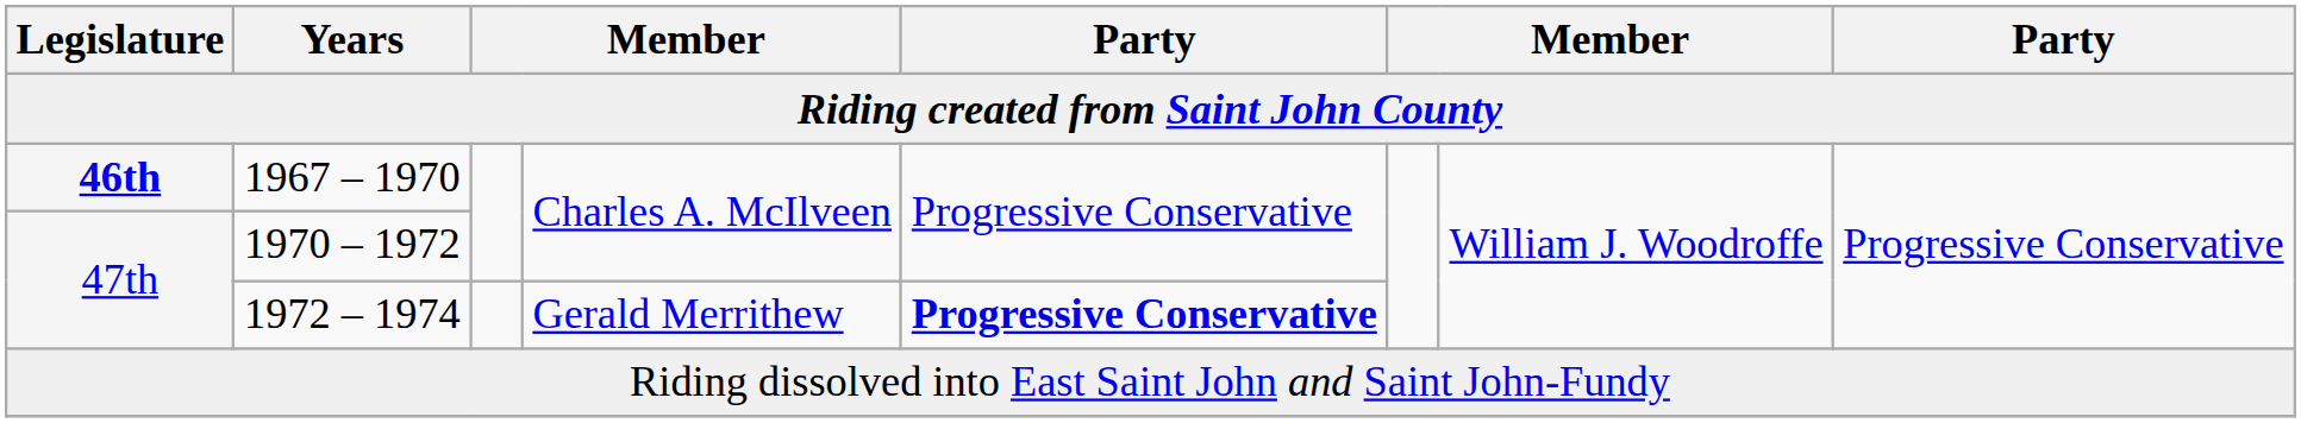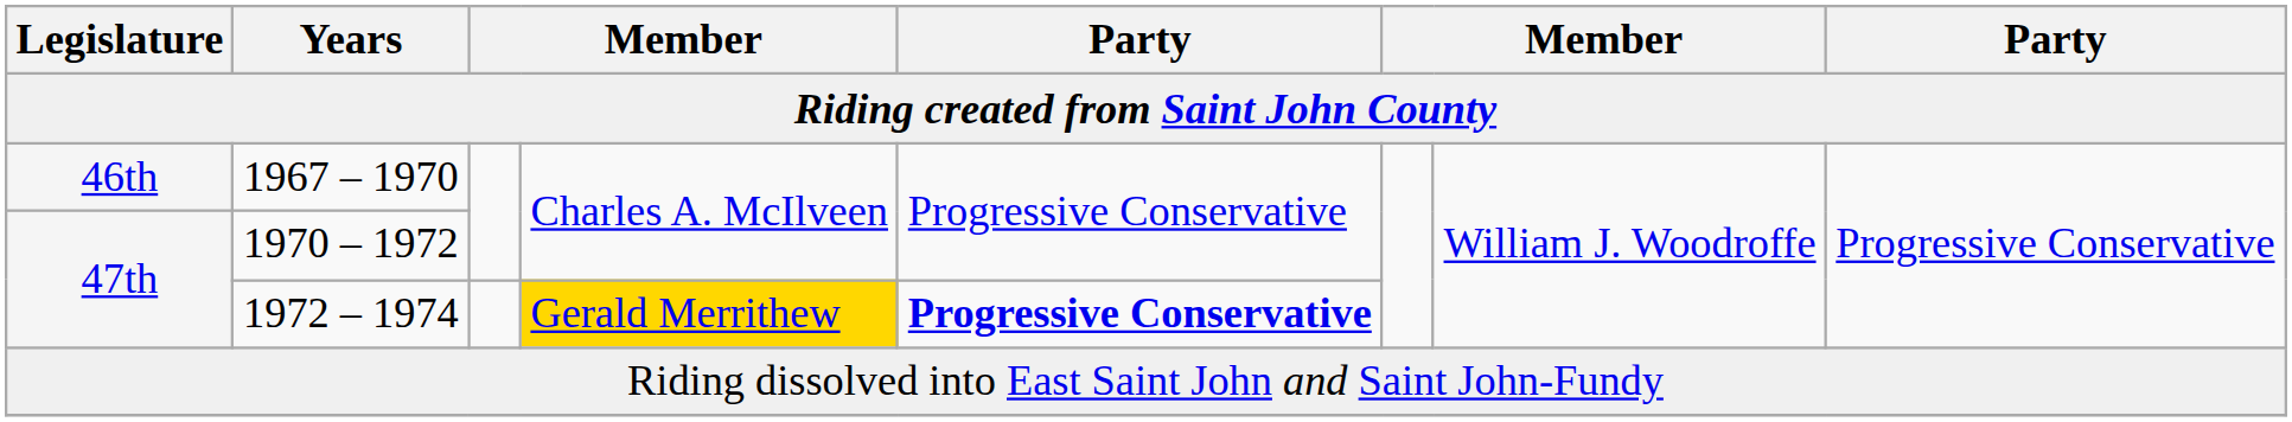 <table class="wikitable">
 <tr>
 <th>Legislature</th>
 <th style="width: 80px;">Years</th>
 <th colspan="2">Member</th>
 <th>Party</th>
 <th colspan="2">Member</th>
 <th>Party</th>
 </tr>
 <tr>
 <td bgcolor="#F0F0F0" colspan="8" align="center"><strong><em>Riding created from<em> <a href='#'>Saint John County</a><strong></td>
 </tr>
 <tr>
-<td bgcolor="whitesmoke" align="center"><strong><a href='#'>46th</a></strong></td>
+<td bgcolor="whitesmoke" align="center"><a href='#'>46th</a></td>
 <td>1967 – 1970</td>
 <td rowspan="2" >   </td>
 <td rowspan="2"><a href='#'>Charles A. McIlveen</a></td>
 <td rowspan="2"><a href='#'>Progressive Conservative</a></td>
 <td rowspan="3" >   </td>
 <td rowspan="3"><a href='#'>William J. Woodroffe</a></td>
 <td rowspan="3"><a href='#'>Progressive Conservative</a></td>
 </tr>
 <tr>
 <td bgcolor="whitesmoke" align="center" rowspan="2"><a href='#'>47th</a></td>
 <td>1970 – 1972</td>
 </tr>
 <tr>
 <td>1972 – 1974</td>
 <td>   </td>
-<td><a href='#'>Gerald Merrithew</a></td>
+<td style="background: gold;"><a href='#'>Gerald Merrithew</a></td>
 <td><strong><a href='#'>Progressive Conservative</a></strong></td>
 </tr>
 <tr>
 <td bgcolor="#F0F0F0" colspan="8" align="center"></em></strong>Riding dissolved into</em> <a href='#'>East Saint John</a> <em>and</em> <a href='#'>Saint John-Fundy</a></strong></td>
 </tr>
 <tr>
 </tr>
 </table>
